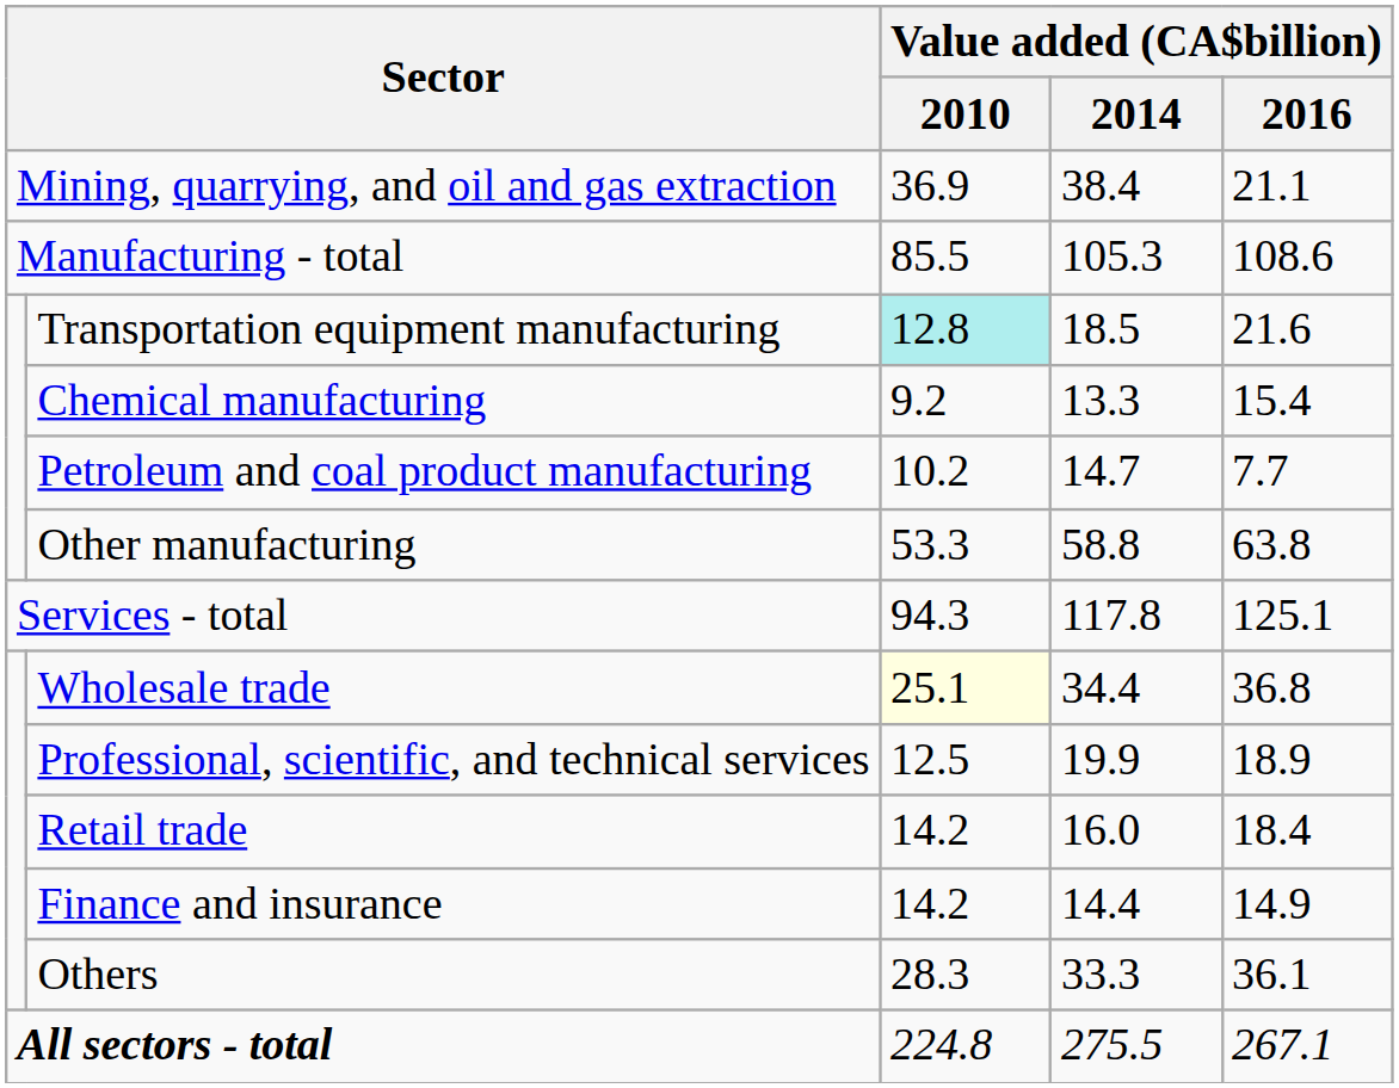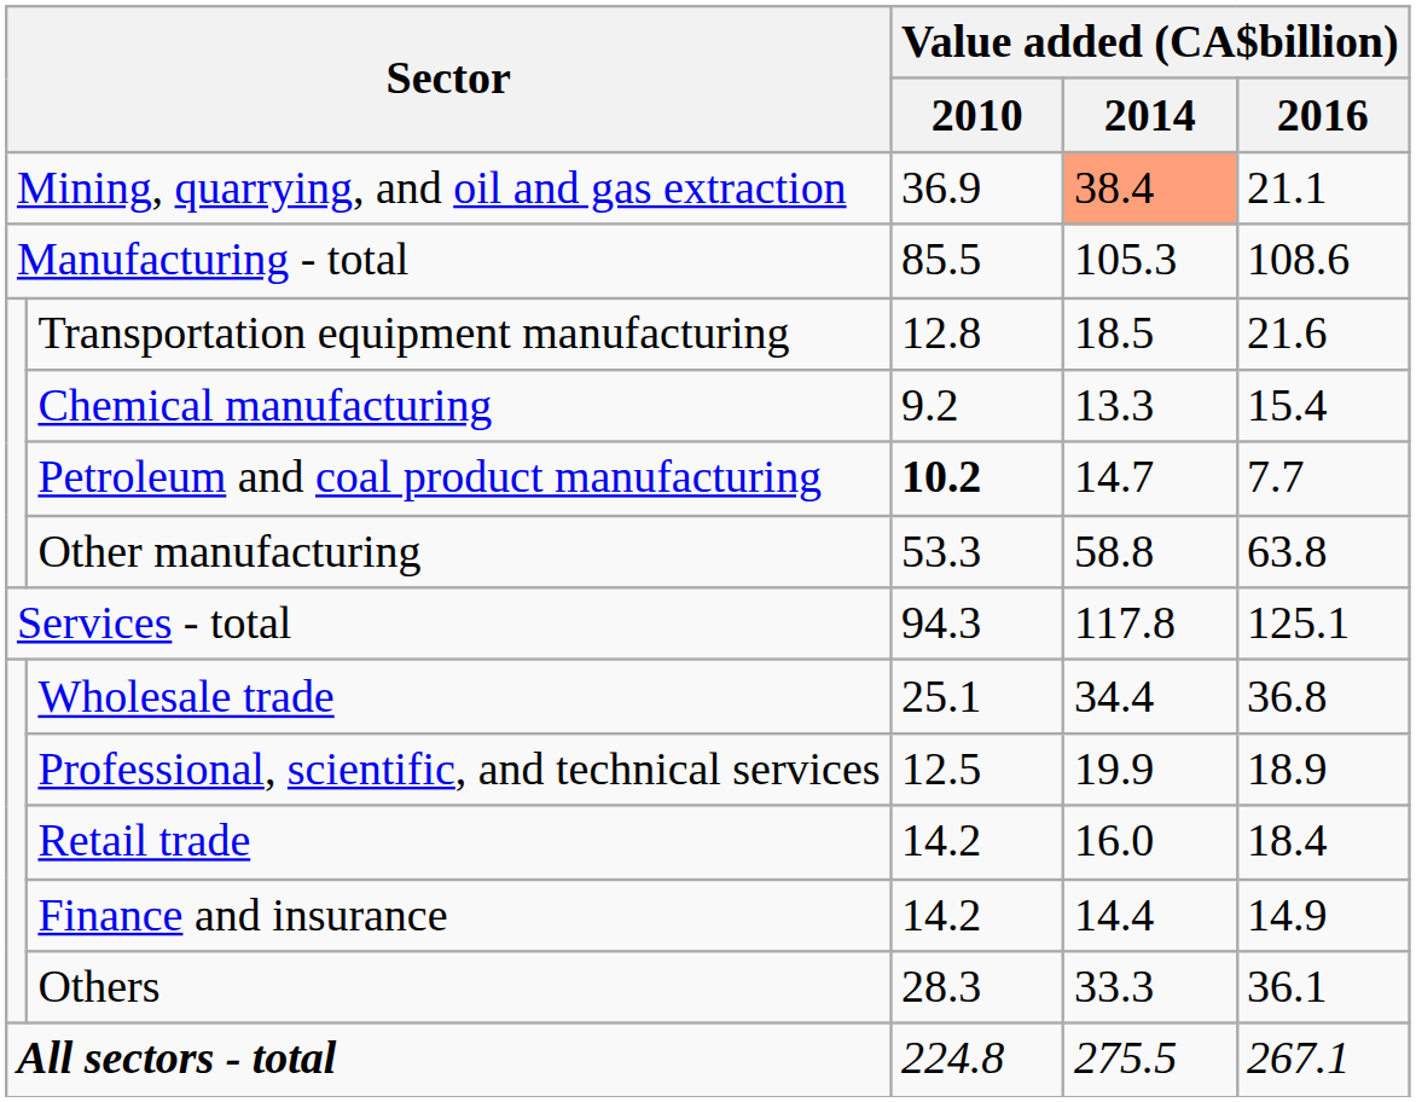 <table class="wikitable">
 <tr>
 <th colspan="2" rowspan="2">Sector</th>
 <th colspan="3">Value added (CA$billion)</th>
 </tr>
 <tr>
 <th>2010</th>
 <th>2014</th>
 <th>2016</th>
 </tr>
 <tr>
 <td colspan="2"><a href='#'>Mining</a>, <a href='#'>quarrying</a>, and <a href='#'>oil and gas extraction</a></td>
 <td>36.9</td>
-<td>38.4</td>
+<td style="background: lightsalmon;">38.4</td>
 <td>21.1</td>
 </tr>
 <tr>
 <td colspan="2"><a href='#'>Manufacturing</a> - total</td>
 <td>85.5</td>
 <td>105.3</td>
 <td>108.6</td>
 </tr>
 <tr>
 <td rowspan="4"></td>
 <td>Transportation equipment manufacturing</td>
-<td style="background: paleturquoise;">12.8</td>
+<td>12.8</td>
 <td>18.5</td>
 <td>21.6</td>
 </tr>
 <tr>
 <td><a href='#'>Chemical manufacturing</a></td>
 <td>9.2</td>
 <td>13.3</td>
 <td>15.4</td>
 </tr>
 <tr>
 <td><a href='#'>Petroleum</a> and <a href='#'>coal product manufacturing</a></td>
-<td>10.2</td>
+<td><strong>10.2</strong></td>
 <td>14.7</td>
 <td>7.7</td>
 </tr>
 <tr>
 <td>Other manufacturing</td>
 <td>53.3</td>
 <td>58.8</td>
 <td>63.8</td>
 </tr>
 <tr>
 <td colspan="2"><a href='#'>Services</a> - total</td>
 <td>94.3</td>
 <td>117.8</td>
 <td>125.1</td>
 </tr>
 <tr>
 <td rowspan="5"></td>
 <td><a href='#'>Wholesale trade</a></td>
-<td style="background: lightyellow;">25.1</td>
+<td>25.1</td>
 <td>34.4</td>
 <td>36.8</td>
 </tr>
 <tr>
 <td><a href='#'>Professional</a>, <a href='#'>scientific</a>, and technical services</td>
 <td>12.5</td>
 <td>19.9</td>
 <td>18.9</td>
 </tr>
 <tr>
 <td><a href='#'>Retail trade</a></td>
 <td>14.2</td>
 <td>16.0</td>
 <td>18.4</td>
 </tr>
 <tr>
 <td><a href='#'>Finance</a> and insurance</td>
 <td>14.2</td>
 <td>14.4</td>
 <td>14.9</td>
 </tr>
 <tr>
 <td>Others</td>
 <td>28.3</td>
 <td>33.3</td>
 <td>36.1</td>
 </tr>
 <tr>
 <td colspan="2"><strong><em>All sectors - total</em></strong></td>
 <td><em>224.8</em></td>
 <td><em>275.5</em></td>
 <td><em>267.1</em></td>
 </tr>
 </table>
